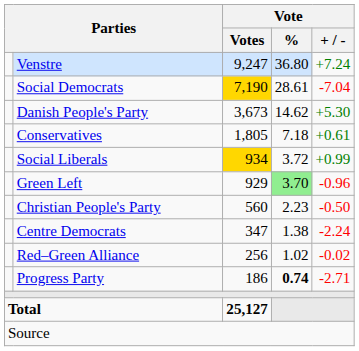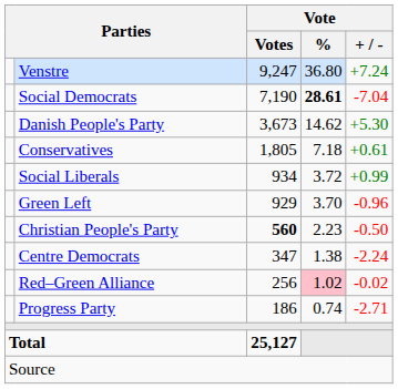 <table class="wikitable" style="text-align:right;">
 <tr>
 <th style="text-align:centre;" rowspan="2" colspan="2" width="225">Parties</th>
 <th colspan="3">Vote</th>
 </tr>
 <tr>
 <th width="15">Votes</th>
 <th width="15">%</th>
 <th width="15">+ / -</th>
 </tr>
 <tr>
 <td width="2" style="color:inherit;background:"></td>
 <td bgcolor=#cfe5fe  align="left"><a href='#'>Venstre</a></td>
 <td bgcolor=#cfe5fe>9,247</td>
 <td bgcolor=#cfe5fe>36.80</td>
 <td style=color:green;>+7.24</td>
 </tr>
 <tr>
 <td width="2" style="color:inherit;background:"></td>
 <td align="left"><a href='#'>Social Democrats</a></td>
-<td style="background: gold;">7,190</td>
-<td>28.61</td>
+<td>7,190</td>
+<td><strong>28.61</strong></td>
 <td style=color:red;>-7.04</td>
 </tr>
 <tr>
 <td width="2" style="color:inherit;background:"></td>
 <td align="left"><a href='#'>Danish People's Party</a></td>
 <td>3,673</td>
 <td>14.62</td>
 <td style=color:green;>+5.30</td>
 </tr>
 <tr>
 <td width="2" style="color:inherit;background:"></td>
 <td align="left"><a href='#'>Conservatives</a></td>
 <td>1,805</td>
 <td>7.18</td>
 <td style=color:green;>+0.61</td>
 </tr>
 <tr>
 <td width="2" style="color:inherit;background:"></td>
 <td align="left"><a href='#'>Social Liberals</a></td>
-<td style="background: gold;">934</td>
+<td>934</td>
 <td>3.72</td>
 <td style=color:green;>+0.99</td>
 </tr>
 <tr>
 <td width="2" style="color:inherit;background:"></td>
 <td align="left"><a href='#'>Green Left</a></td>
 <td>929</td>
-<td style="background: lightgreen;">3.70</td>
+<td>3.70</td>
 <td style=color:red;>-0.96</td>
 </tr>
 <tr>
 <td width="2" style="color:inherit;background:"></td>
 <td align="left"><a href='#'>Christian People's Party</a></td>
-<td>560</td>
+<td><strong>560</strong></td>
 <td>2.23</td>
 <td style=color:red;>-0.50</td>
 </tr>
 <tr>
 <td width="2" style="color:inherit;background:"></td>
 <td align="left"><a href='#'>Centre Democrats</a></td>
 <td>347</td>
 <td>1.38</td>
 <td style=color:red;>-2.24</td>
 </tr>
 <tr>
 <td width="2" style="color:inherit;background:"></td>
 <td align="left"><a href='#'>Red–Green Alliance</a></td>
 <td>256</td>
-<td>1.02</td>
+<td style="background: pink;">1.02</td>
 <td style=color:red;>-0.02</td>
 </tr>
 <tr>
 <td width="2" style="color:inherit;background:"></td>
 <td align="left"><a href='#'>Progress Party</a></td>
 <td>186</td>
-<td><strong>0.74</strong></td>
+<td>0.74</td>
 <td style=color:red;>-2.71</td>
 </tr>
 <tr>
 <td colspan="7" bgcolor="#E9E9E9"></td>
 </tr>
 <tr>
 <td align="left" colspan="2"><strong>Total</strong></td>
 <td><strong>25,127</strong></td>
 <td bgcolor="#E9E9E9" colspan="2"></td>
 </tr>
 <tr>
 <td align="left" colspan="6">Source</td>
 </tr>
 </table>
